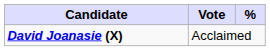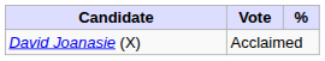 <table class="wikitable">
 <tr>
 <th style="background:#ddf; width:220px;">Candidate</th>
 <th style="background:#ddf; width:50px;">Vote</th>
 <th style="background:#ddf; width:30px;">%</th>
 </tr>
 <tr>
-<td><strong><em><a href='#'>David Joanasie</a></em> (X)</strong></td>
+<td><em><a href='#'>David Joanasie</a></em> (X)</td>
 <td colspan="2">Acclaimed</td>
 </tr>
 </table>
